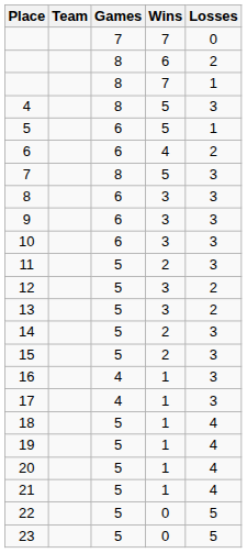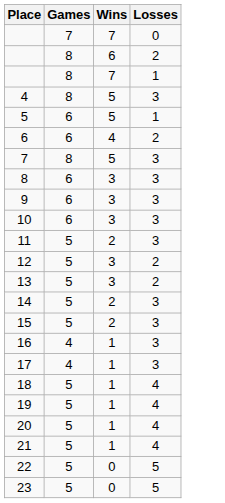 <table class="wikitable" style="text-align:center;">
 <tr>
 <th>Place</th>
-<th>Team</th>
 <th>Games</th>
 <th>Wins</th>
 <th>Losses</th>
 </tr>
 <tr>
 <td></td>
-<td align=left></td>
 <td>7</td>
 <td>7</td>
 <td>0</td>
 </tr>
 <tr>
 <td></td>
-<td align=left></td>
 <td>8</td>
 <td>6</td>
 <td>2</td>
 </tr>
 <tr>
 <td></td>
-<td align=left></td>
 <td>8</td>
 <td>7</td>
 <td>1</td>
 </tr>
 <tr>
 <td>4</td>
-<td align=left></td>
 <td>8</td>
 <td>5</td>
 <td>3</td>
 </tr>
 <tr>
 <td>5</td>
-<td align=left></td>
 <td>6</td>
 <td>5</td>
 <td>1</td>
 </tr>
 <tr>
 <td>6</td>
-<td align=left></td>
 <td>6</td>
 <td>4</td>
 <td>2</td>
 </tr>
 <tr>
 <td>7</td>
-<td align=left></td>
 <td>8</td>
 <td>5</td>
 <td>3</td>
 </tr>
 <tr>
 <td>8</td>
-<td align=left></td>
 <td>6</td>
 <td>3</td>
 <td>3</td>
 </tr>
 <tr>
 <td>9</td>
-<td align=left></td>
 <td>6</td>
 <td>3</td>
 <td>3</td>
 </tr>
 <tr>
 <td>10</td>
-<td align=left></td>
 <td>6</td>
 <td>3</td>
 <td>3</td>
 </tr>
 <tr>
 <td>11</td>
-<td align=left></td>
 <td>5</td>
 <td>2</td>
 <td>3</td>
 </tr>
 <tr>
 <td>12</td>
-<td align=left></td>
 <td>5</td>
 <td>3</td>
 <td>2</td>
 </tr>
 <tr>
 <td>13</td>
-<td align=left></td>
 <td>5</td>
 <td>3</td>
 <td>2</td>
 </tr>
 <tr>
 <td>14</td>
-<td align=left></td>
 <td>5</td>
 <td>2</td>
 <td>3</td>
 </tr>
 <tr>
 <td>15</td>
-<td align=left></td>
 <td>5</td>
 <td>2</td>
 <td>3</td>
 </tr>
 <tr>
 <td>16</td>
-<td align=left></td>
 <td>4</td>
 <td>1</td>
 <td>3</td>
 </tr>
 <tr>
 <td>17</td>
-<td align=left></td>
 <td>4</td>
 <td>1</td>
 <td>3</td>
 </tr>
 <tr>
 <td>18</td>
-<td align=left></td>
 <td>5</td>
 <td>1</td>
 <td>4</td>
 </tr>
 <tr>
 <td>19</td>
-<td align=left></td>
 <td>5</td>
 <td>1</td>
 <td>4</td>
 </tr>
 <tr>
 <td>20</td>
-<td align=left></td>
 <td>5</td>
 <td>1</td>
 <td>4</td>
 </tr>
 <tr>
 <td>21</td>
-<td align=left></td>
 <td>5</td>
 <td>1</td>
 <td>4</td>
 </tr>
 <tr>
 <td>22</td>
-<td align=left></td>
 <td>5</td>
 <td>0</td>
 <td>5</td>
 </tr>
 <tr>
 <td>23</td>
-<td align=left></td>
 <td>5</td>
 <td>0</td>
 <td>5</td>
 </tr>
 </table>
